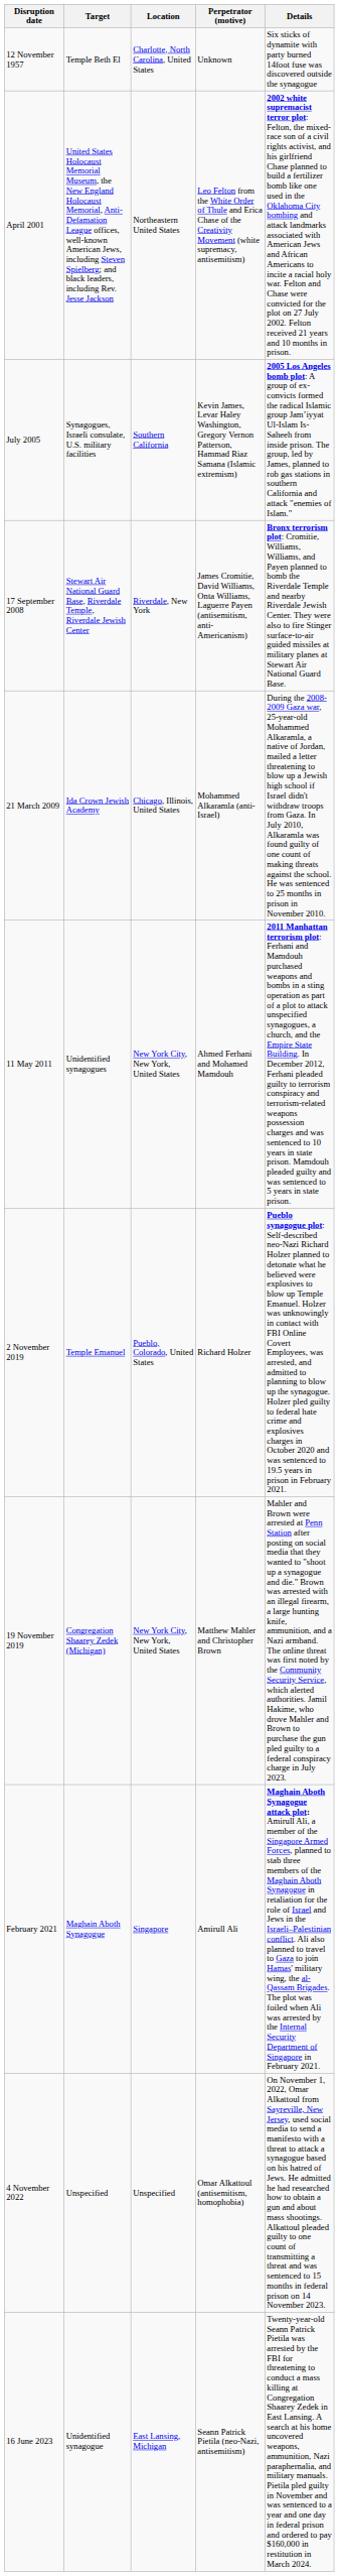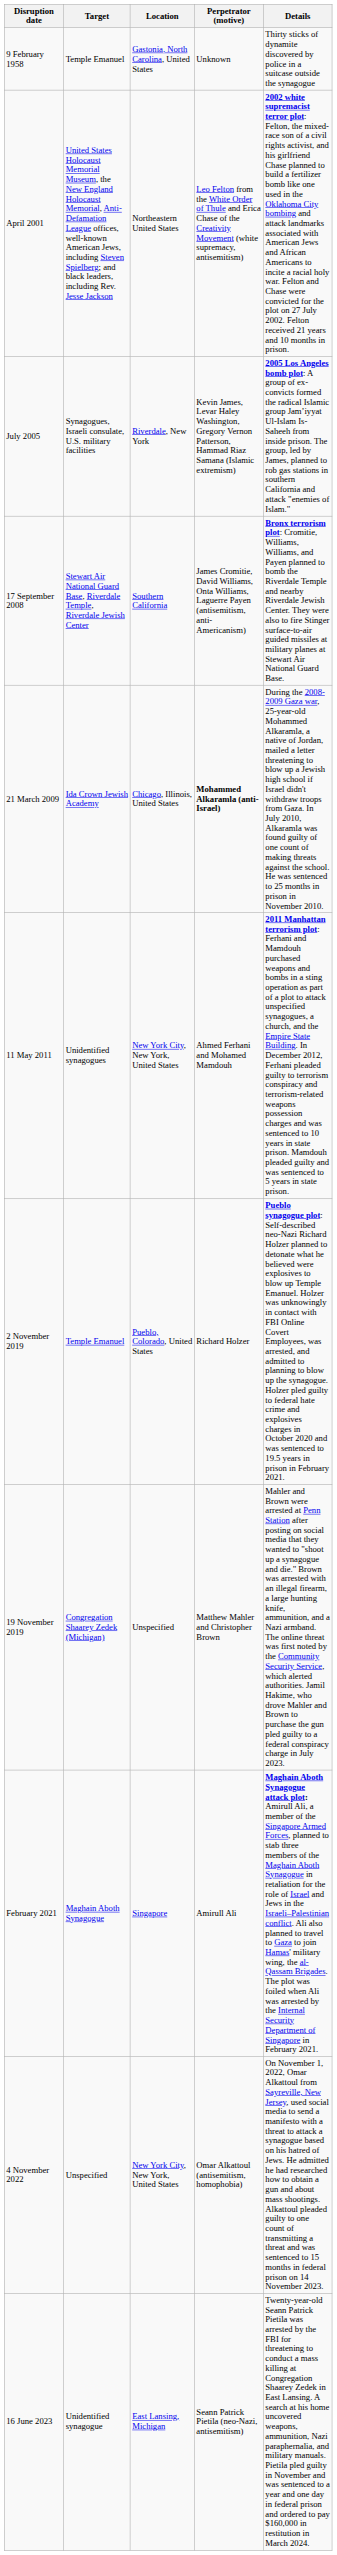 <table class="wikitable sortable sticky-header">
 <tr>
 <th style="width:8%;">Disruption date</th>
 <th style="width:8%;">Target</th>
 <th style="width:8%;">Location</th>
 <th style="width:8%;">Perpetrator (motive)</th>
 <th style="width:8%;">Details</th>
 </tr>
 <tr>
-<td>12 November 1957</td>
-<td>Temple Beth El</td>
-<td><a href='#'>Charlotte, North Carolina</a>, United States</td>
+<td>9 February 1958</td>
+<td>Temple Emanuel</td>
+<td><a href='#'>Gastonia, North Carolina</a>, United States</td>
 <td>Unknown</td>
-<td>Six sticks of dynamite with party burned 14foot fuse was discovered outside the synagogue</td>
+<td>Thirty sticks of dynamite discovered by police in a suitcase outside the synagogue</td>
 </tr>
 <tr>
 <td>April 2001</td>
 <td><a href='#'>United States Holocaust Memorial Museum</a>, the <a href='#'>New England Holocaust Memorial</a>, <a href='#'>Anti-Defamation League</a> offices, well-known American Jews, including <a href='#'>Steven Spielberg</a>; and black leaders, including Rev. <a href='#'>Jesse Jackson</a></td>
 <td>Northeastern United States</td>
 <td><a href='#'>Leo Felton</a> from the <a href='#'>White Order of Thule</a> and Erica Chase of the <a href='#'>Creativity Movement</a> (white supremacy, antisemitism)</td>
 <td><strong><a href='#'>2002 white supremacist terror plot</a></strong>: Felton, the mixed-race son of a civil rights activist, and his girlfriend Chase planned to build a fertilizer bomb like one used in the <a href='#'>Oklahoma City bombing</a> and attack landmarks associated with American Jews and African Americans to incite a racial holy war. Felton and Chase were convicted for the plot on 27 July 2002. Felton received 21 years and 10 months in prison.</td>
 </tr>
 <tr>
 <td>July 2005</td>
 <td>Synagogues, Israeli consulate, U.S. military facilities</td>
-<td><a href='#'>Southern California</a></td>
+<td><a href='#'>Riverdale</a>, New York</td>
 <td>Kevin James, Levar Haley Washington, Gregory Vernon Patterson, Hammad Riaz Samana (Islamic extremism)</td>
 <td><strong><a href='#'>2005 Los Angeles bomb plot</a></strong>: A group of ex-convicts formed the radical Islamic group Jam’iyyat Ul-Islam Is-Saheeh from inside prison. The group, led by James, planned to rob gas stations in southern California and attack "enemies of Islam."</td>
 </tr>
 <tr>
 <td>17 September 2008</td>
 <td><a href='#'>Stewart Air National Guard Base</a>, <a href='#'>Riverdale Temple</a>, <a href='#'>Riverdale Jewish Center</a></td>
-<td><a href='#'>Riverdale</a>, New York</td>
+<td><a href='#'>Southern California</a></td>
 <td>James Cromitie, David Williams, Onta Williams, Laguerre Payen (antisemitism, anti-Americanism)</td>
 <td><strong><a href='#'>Bronx terrorism plot</a></strong>: Cromitie, Williams, Williams, and Payen planned to bomb the Riverdale Temple and nearby Riverdale Jewish Center. They were also to fire Stinger surface-to-air guided missiles at military planes at Stewart Air National Guard Base.</td>
 </tr>
 <tr>
 <td>21 March 2009</td>
 <td><a href='#'>Ida Crown Jewish Academy</a></td>
 <td><a href='#'>Chicago</a>, Illinois, United States</td>
-<td>Mohammed Alkaramla (anti-Israel)</td>
+<td><strong>Mohammed Alkaramla (anti-Israel)</strong></td>
 <td> During the <a href='#'>2008-2009 Gaza war</a>, 25-year-old Mohammed Alkaramla, a native of Jordan, mailed a letter threatening to blow up a Jewish high school if Israel didn't withdraw troops from Gaza. In July 2010, Alkaramla was found guilty of one count of making threats against the school. He was sentenced to 25 months in prison in November 2010.</td>
 </tr>
 <tr>
 <td>11 May 2011</td>
 <td>Unidentified synagogues</td>
 <td><a href='#'>New York City</a>, New York, United States</td>
 <td>Ahmed Ferhani and Mohamed Mamdouh</td>
 <td><strong><a href='#'>2011 Manhattan terrorism plot</a></strong>: Ferhani and Mamdouh purchased weapons and bombs in a sting operation as part of a plot to attack unspecified synagogues, a church, and the <a href='#'>Empire State Building</a>. In December 2012, Ferhani pleaded guilty to terrorism conspiracy and terrorism-related weapons possession charges and was sentenced to 10 years in state prison. Mamdouh pleaded guilty and was sentenced to 5 years in state prison.</td>
 </tr>
 <tr>
 <td>2 November 2019</td>
 <td><a href='#'>Temple Emanuel</a></td>
 <td><a href='#'>Pueblo, Colorado</a>, United States</td>
 <td>Richard Holzer</td>
 <td><strong><a href='#'>Pueblo synagogue plot</a></strong>: Self-described neo-Nazi Richard Holzer planned to detonate what he believed were explosives to blow up Temple Emanuel. Holzer was unknowingly in contact with FBI Online Covert Employees, was arrested, and admitted to planning to blow up the synagogue. Holzer pled guilty to federal hate crime and explosives charges in October 2020 and was sentenced to 19.5 years in prison in February 2021.</td>
 </tr>
 <tr>
 <td>19 November 2019</td>
 <td><a href='#'>Congregation Shaarey Zedek (Michigan)</a></td>
-<td><a href='#'>New York City</a>, New York, United States</td>
+<td>Unspecified</td>
 <td>Matthew Mahler and Christopher Brown</td>
 <td>Mahler and Brown were arrested at <a href='#'>Penn Station</a> after posting on social media that they wanted to "shoot up a synagogue and die." Brown was arrested with an illegal firearm, a large hunting knife, ammunition, and a Nazi armband. The online threat was first noted by the <a href='#'>Community Security Service</a>, which alerted authorities. Jamil Hakime, who drove Mahler and Brown to purchase the gun pled guilty to a federal conspiracy charge in July 2023.</td>
 </tr>
 <tr>
 <td>February 2021</td>
 <td><a href='#'>Maghain Aboth Synagogue</a></td>
 <td><a href='#'>Singapore</a></td>
 <td>Amirull Ali</td>
 <td><strong><a href='#'>Maghain Aboth Synagogue attack plot</a>:</strong> Amirull Ali, a member of the <a href='#'>Singapore Armed Forces</a>, planned  to stab three members of the <a href='#'>Maghain Aboth Synagogue</a> in retaliation for the role of <a href='#'>Israel</a> and Jews in the <a href='#'>Israeli–Palestinian conflict</a>. Ali also planned to travel to <a href='#'>Gaza</a> to join <a href='#'>Hamas</a>' military wing, the <a href='#'>al-Qassam Brigades</a>. The plot was foiled when Ali was arrested by the <a href='#'>Internal Security Department of Singapore</a> in February 2021.</td>
 </tr>
 <tr>
 <td>4 November 2022</td>
 <td>Unspecified</td>
-<td>Unspecified</td>
+<td><a href='#'>New York City</a>, New York, United States</td>
 <td>Omar Alkattoul (antisemitism, homophobia)</td>
 <td>On November 1, 2022, Omar Alkattoul from <a href='#'>Sayreville, New Jersey</a>, used social media to send a manifesto with a threat to attack a synagogue based on his hatred of Jews. He admitted he had researched how to obtain a gun and about mass shootings. Alkattoul pleaded guilty to one count of transmitting a threat and was sentenced to 15 months in federal prison on 14 November 2023.</td>
 </tr>
 <tr>
 <td>16 June 2023</td>
 <td>Unidentified synagogue</td>
 <td><a href='#'>East Lansing, Michigan</a></td>
 <td>Seann Patrick Pietila (neo-Nazi, antisemitism)</td>
 <td>Twenty-year-old Seann Patrick Pietila was arrested by the FBI for threatening to conduct a mass killing at Congregation Shaarey Zedek in East Lansing. A search at his home uncovered weapons, ammunition, Nazi paraphernalia, and military manuals. Pietila pled guilty in November and was sentenced to a year and one day in federal prison and ordered to pay $160,000 in restitution in March 2024.</td>
 </tr>
 </table>
